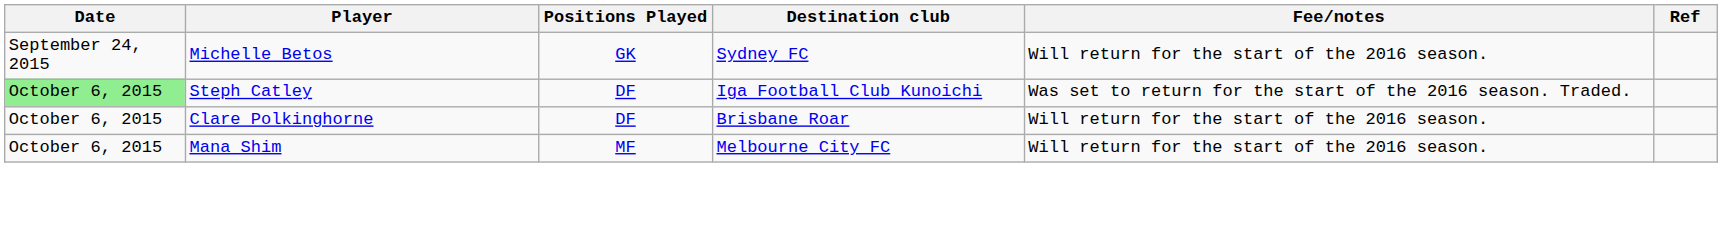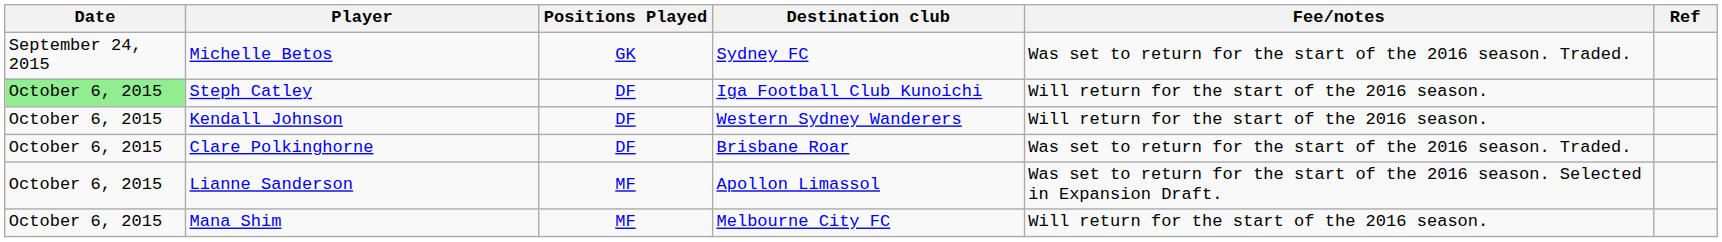 <table class="wikitable" style="text-align:left; font-size:95%;">
 <tr>
 <th style="width:125px;">Date</th>
 <th style="width:250px;">Player</th>
 <th style="width:120px;">Positions Played</th>
 <th style="width:220px;">Destination club</th>
 <th style="width:450px;">Fee/notes</th>
 <th style="width:40px;">Ref</th>
 </tr>
 <tr>
 <td>September 24, 2015</td>
 <td> <a href='#'>Michelle Betos</a></td>
 <td style="text-align:center;"><a href='#'>GK</a></td>
 <td> <a href='#'>Sydney FC</a></td>
-<td>Will return for the start of the 2016 season.</td>
+<td>Was set to return for the start of the 2016 season.  Traded.</td>
 <td></td>
 </tr>
 <tr>
 <td style="background: lightgreen;">October 6, 2015</td>
 <td> <a href='#'>Steph Catley</a></td>
 <td style="text-align:center;"><a href='#'>DF</a></td>
 <td> <a href='#'>Iga Football Club Kunoichi</a></td>
-<td>Was set to return for the start of the 2016 season.  Traded.</td>
+<td>Will return for the start of the 2016 season.</td>
+<td></td>
+</tr>
+<tr>
+<td>October 6, 2015</td>
+<td> <a href='#'>Kendall Johnson</a></td>
+<td style="text-align:center;"><a href='#'>DF</a></td>
+<td> <a href='#'>Western Sydney Wanderers</a></td>
+<td>Will return for the start of the 2016 season.</td>
 <td></td>
 </tr>
 <tr>
 <td>October 6, 2015</td>
 <td> <a href='#'>Clare Polkinghorne</a></td>
 <td style="text-align:center;"><a href='#'>DF</a></td>
 <td> <a href='#'>Brisbane Roar</a></td>
-<td>Will return for the start of the 2016 season.</td>
+<td>Was set to return for the start of the 2016 season.  Traded.</td>
+<td></td>
+</tr>
+<tr>
+<td>October 6, 2015</td>
+<td> <a href='#'>Lianne Sanderson</a></td>
+<td style="text-align:center;"><a href='#'>MF</a></td>
+<td> <a href='#'>Apollon Limassol</a></td>
+<td>Was set to return for the start of the 2016 season.  Selected in Expansion Draft.</td>
 <td></td>
 </tr>
 <tr>
 <td>October 6, 2015</td>
 <td> <a href='#'>Mana Shim</a></td>
 <td style="text-align:center;"><a href='#'>MF</a></td>
 <td> <a href='#'>Melbourne City FC</a></td>
 <td>Will return for the start of the 2016 season.</td>
 <td></td>
 </tr>
 </table>
